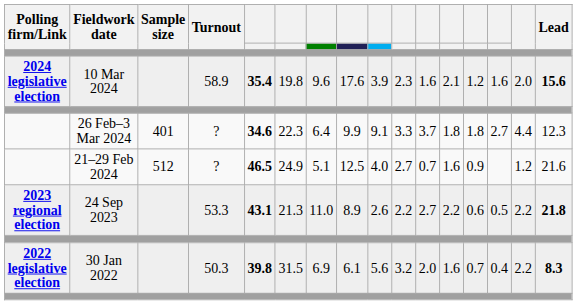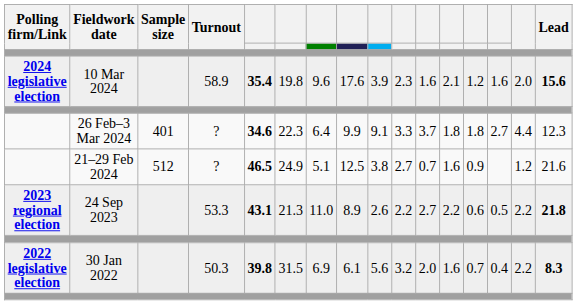 <table class="wikitable sortable mw-datatable" style="text-align:center;font-size:95%;line-height:16px;">
 <tr style="height:42px;">
 <th style="width:125px;" rowspan="2">Polling firm/Link</th>
 <th style="width:125px;" rowspan="2">Fieldwork date</th>
 <th class="unsortable" style="width:50px;" rowspan="2">Sample size</th>
 <th class="unsortable" style="width:45px;" rowspan="2">Turnout</th>
 <th class="sortable" style="width:35px;"></th>
 <th class="sortable" style="width:35px;"></th>
 <th class="sortable" style="width:35px;"></th>
 <th class="sortable" style="width:35px;"></th>
 <th class="sortable" style="width:35px;"></th>
 <th class="sortable" style="width:35px;"></th>
 <th class="sortable" style="width:35px;"></th>
 <th class="sortable" style="width:35px;"></th>
 <th class="sortable" style="width:35px;"></th>
 <th class="sortable" style="width:35px;"></th>
 <th class="unsortable" style="width:35px;" rowspan="2"></th>
 <th class="unsortable" style="width:30px;" rowspan="2">Lead</th>
 </tr>
 <tr>
 <th style="color:inherit;background:"></th>
 <th style="color:inherit;background:"></th>
 <th style="color:inherit;background:green;"></th>
 <th class="sortable" style="color:inherit;background:#202056;"></th>
 <th class="sortable" style="color:inherit;background:#00ADEF;"></th>
 <th style="color:inherit;background:"></th>
 <th style="color:inherit;background:"></th>
 <th class="sortable" style="color:inherit;background:"></th>
 <th class="sortable" style="color:inherit;background:"></th>
 <th class="sortable" style="color:inherit;background:"></th>
 </tr>
 <tr>
 <td colspan="18" style="background:#A0A0A0"></td>
 </tr>
 <tr style="background:#EFEFEF;">
 <td><strong><a href='#'>2024 legislative election</a></strong></td>
 <td>10 Mar 2024</td>
 <td></td>
 <td>58.9</td>
 <td><strong>35.4</strong><br></td>
 <td>19.8<br></td>
 <td>9.6<br></td>
 <td>17.6<br></td>
 <td>3.9<br></td>
 <td>2.3<br></td>
 <td>1.6<br></td>
 <td>2.1<br></td>
 <td>1.2<br></td>
 <td>1.6<br></td>
 <td>2.0<br></td>
 <td style="background:"><strong>15.6</strong></td>
 </tr>
 <tr>
 <td colspan="18" style="background:#A0A0A0"></td>
 </tr>
 <tr>
 <td></td>
 <td>26 Feb–3 Mar 2024</td>
 <td>401</td>
 <td>?</td>
 <td><strong>34.6</strong><br></td>
 <td>22.3<br></td>
 <td>6.4<br></td>
 <td>9.9<br></td>
 <td>9.1<br></td>
 <td>3.3<br></td>
 <td>3.7<br></td>
 <td>1.8<br></td>
 <td>1.8<br></td>
 <td>2.7<br></td>
 <td>4.4<br></td>
 <td style="background:">12.3</td>
 </tr>
 <tr>
 <td></td>
 <td>21–29 Feb 2024</td>
 <td>512</td>
 <td>?</td>
 <td><strong>46.5</strong><br></td>
 <td>24.9<br></td>
 <td>5.1<br></td>
 <td>12.5<br></td>
-<td>4.0<br></td>
+<td>3.8<br></td>
 <td>2.7<br></td>
 <td>0.7<br></td>
 <td>1.6<br></td>
 <td>0.9<br></td>
 <td></td>
 <td>1.2<br></td>
 <td style="background:">21.6</td>
 </tr>
 <tr style="background:#EFEFEF;">
 <td><strong><a href='#'>2023 regional election</a></strong></td>
 <td>24 Sep 2023</td>
 <td></td>
 <td>53.3</td>
 <td><strong>43.1</strong><br></td>
 <td>21.3<br></td>
 <td>11.0<br></td>
 <td>8.9<br></td>
 <td>2.6<br></td>
 <td>2.2<br></td>
 <td>2.7<br></td>
 <td>2.2<br></td>
 <td>0.6<br></td>
 <td>0.5<br></td>
 <td>2.2<br></td>
 <td style="background:"><strong>21.8</strong></td>
 </tr>
 <tr>
 <td colspan="18" style="background:#A0A0A0"></td>
 </tr>
 <tr style="background:#EFEFEF;">
 <td><strong><a href='#'>2022 legislative election</a></strong></td>
 <td>30 Jan 2022</td>
 <td></td>
 <td>50.3</td>
 <td><strong>39.8</strong><br></td>
 <td>31.5<br></td>
 <td>6.9<br></td>
 <td>6.1<br></td>
 <td>5.6<br></td>
 <td>3.2<br></td>
 <td>2.0<br></td>
 <td>1.6<br></td>
 <td>0.7<br></td>
 <td>0.4<br></td>
 <td>2.2<br></td>
 <td style="background:"><strong>8.3</strong></td>
 </tr>
 <tr>
 <td colspan="18" style="background:#A0A0A0"></td>
 </tr>
 </table>
